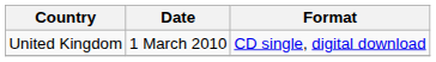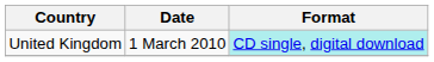 <table class="wikitable">
 <tr>
 <th>Country</th>
 <th>Date</th>
 <th>Format</th>
 </tr>
 <tr>
 <td rowspan="1">United Kingdom</td>
 <td>1 March 2010</td>
-<td><a href='#'>CD single</a>, <a href='#'>digital download</a></td>
+<td style="background: paleturquoise;"><a href='#'>CD single</a>, <a href='#'>digital download</a></td>
 </tr>
 <tr>
 </tr>
 </table>
